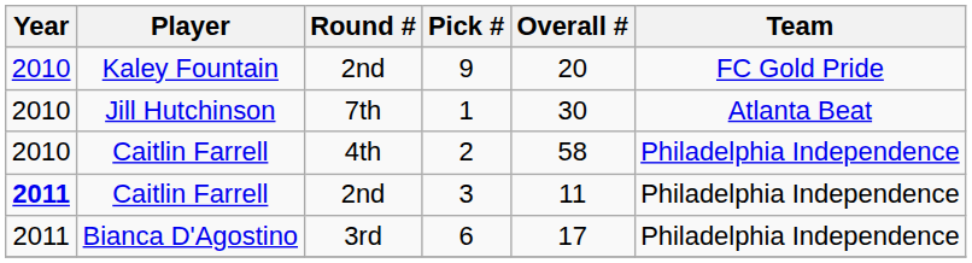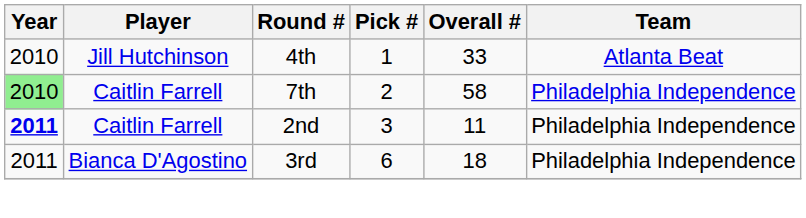 <table class="wikitable" style="text-align: center;">
 <tr>
 <th>Year</th>
 <th>Player</th>
 <th>Round #</th>
 <th>Pick #</th>
 <th>Overall #</th>
 <th>Team</th>
 </tr>
 <tr>
-<td><a href='#'>2010</a></td>
-<td><a href='#'>Kaley Fountain</a></td>
-<td>2nd</td>
-<td>9</td>
-<td>20</td>
-<td><a href='#'>FC Gold Pride</a></td>
-</tr>
-<tr>
 <td>2010</td>
 <td><a href='#'>Jill Hutchinson</a></td>
-<td>7th</td>
+<td>4th</td>
 <td>1</td>
-<td>30</td>
+<td>33</td>
 <td><a href='#'>Atlanta Beat</a></td>
 </tr>
 <tr>
-<td>2010</td>
+<td style="background: lightgreen;">2010</td>
 <td><a href='#'>Caitlin Farrell</a></td>
-<td>4th</td>
+<td>7th</td>
 <td>2</td>
 <td>58</td>
 <td><a href='#'>Philadelphia Independence</a></td>
 </tr>
 <tr>
 <td><strong><a href='#'>2011</a></strong></td>
 <td><a href='#'>Caitlin Farrell</a></td>
 <td>2nd</td>
 <td>3</td>
 <td>11</td>
 <td>Philadelphia Independence</td>
 </tr>
 <tr>
 <td>2011</td>
 <td><a href='#'>Bianca D'Agostino</a></td>
 <td>3rd</td>
 <td>6</td>
-<td>17</td>
+<td>18</td>
 <td>Philadelphia Independence</td>
 </tr>
 <tr>
 </tr>
 </table>
